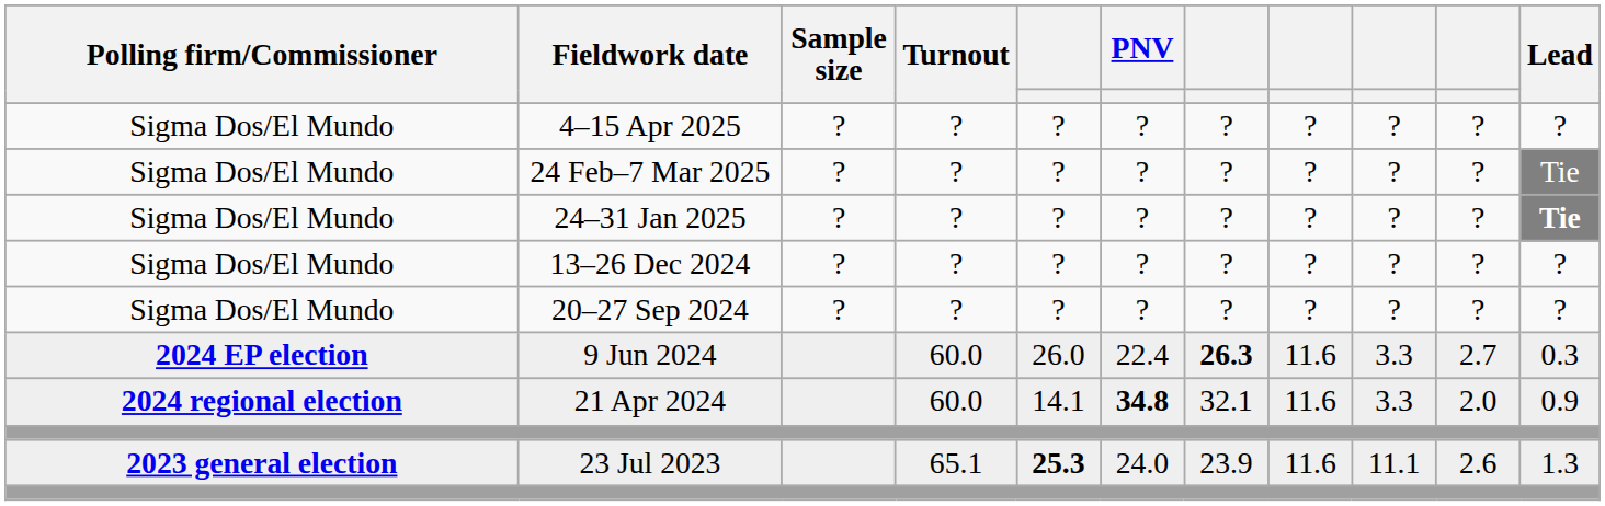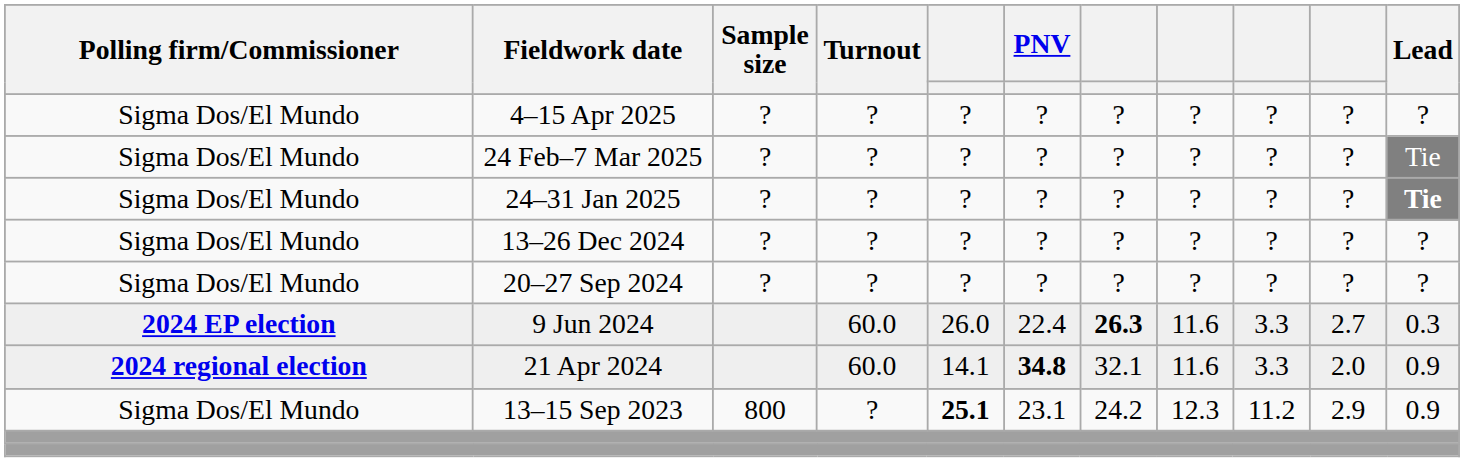 <table class="wikitable collapsible collapsed" style="text-align:center; font-size:95%; line-height:16px;">
 <tr style="height:42px;">
 <th style="width:250px;" rowspan="2">Polling firm/Commissioner</th>
 <th style="width:125px;" rowspan="2">Fieldwork date</th>
 <th style="width:50px;" rowspan="2">Sample size</th>
 <th style="width:45px;" rowspan="2">Turnout</th>
 <th style="width:35px;"></th>
 <th style="width:35px;"><a href='#'>PNV</a></th>
 <th style="width:35px;"></th>
 <th style="width:35px;"></th>
 <th style="width:35px;"></th>
 <th style="width:35px;"></th>
 <th style="width:30px;" rowspan="2">Lead</th>
 </tr>
 <tr>
 <th style="color:inherit;background:"></th>
 <th style="color:inherit;background:"></th>
 <th style="color:inherit;background:"></th>
 <th style="color:inherit;background:"></th>
 <th style="color:inherit;background:"></th>
 <th style="color:inherit;background:"></th>
 </tr>
 <tr>
 <td>Sigma Dos/El Mundo</td>
 <td>4–15 Apr 2025</td>
 <td>?</td>
 <td>?</td>
 <td>?<br></td>
 <td>?<br></td>
 <td>?<br></td>
 <td>?<br></td>
 <td>?<br></td>
 <td>?<br></td>
 <td style="background:">?</td>
 </tr>
 <tr>
 <td>Sigma Dos/El Mundo</td>
 <td>24 Feb–7 Mar 2025</td>
 <td>?</td>
 <td>?</td>
 <td>?<br></td>
 <td>?<br></td>
 <td>?<br></td>
 <td>?<br></td>
 <td>?<br></td>
 <td>?<br></td>
 <td style="background:gray;color:white;">Tie</td>
 </tr>
 <tr>
 <td>Sigma Dos/El Mundo</td>
 <td>24–31 Jan 2025</td>
 <td>?</td>
 <td>?</td>
 <td>?<br></td>
 <td>?<br></td>
 <td>?<br></td>
 <td>?<br></td>
 <td>?<br></td>
 <td>?<br></td>
 <td style="background:gray;color:white;"><strong>Tie</strong></td>
 </tr>
 <tr>
 <td>Sigma Dos/El Mundo</td>
 <td>13–26 Dec 2024</td>
 <td>?</td>
 <td>?</td>
 <td>?<br></td>
 <td>?<br></td>
 <td>?<br></td>
 <td>?<br></td>
 <td>?<br></td>
 <td>?<br></td>
 <td style="background:">?</td>
 </tr>
 <tr>
 <td>Sigma Dos/El Mundo</td>
 <td>20–27 Sep 2024</td>
 <td>?</td>
 <td>?</td>
 <td>?<br></td>
 <td>?<br></td>
 <td>?<br></td>
 <td>?<br></td>
 <td>?<br></td>
 <td>?<br></td>
 <td style="background:">?</td>
 </tr>
 <tr style="background:#EFEFEF;">
 <td><strong><a href='#'>2024 EP election</a></strong></td>
 <td>9 Jun 2024</td>
 <td></td>
 <td>60.0</td>
 <td>26.0<br></td>
 <td>22.4<br></td>
 <td><strong>26.3</strong><br></td>
 <td>11.6<br></td>
 <td>3.3<br></td>
 <td>2.7<br></td>
 <td style="background:">0.3</td>
 </tr>
 <tr style="background:#EFEFEF;">
 <td><strong><a href='#'>2024 regional election</a></strong></td>
 <td>21 Apr 2024</td>
 <td></td>
 <td>60.0</td>
 <td>14.1<br></td>
 <td><strong>34.8</strong><br></td>
 <td>32.1<br></td>
 <td>11.6<br></td>
 <td>3.3<br></td>
 <td>2.0<br></td>
 <td style="background:">0.9</td>
 </tr>
 <tr>
+<td>Sigma Dos/El Mundo</td>
+<td>13–15 Sep 2023</td>
+<td>800</td>
+<td>?</td>
+<td><strong>25.1</strong><br></td>
+<td>23.1<br></td>
+<td>24.2<br></td>
+<td>12.3<br></td>
+<td>11.2<br></td>
+<td>2.9<br></td>
+<td style="background:">0.9</td>
+</tr>
+<tr>
 <td colspan="11" style="background:#A0A0A0"></td>
-</tr>
-<tr style="background:#EFEFEF;">
-<td><strong><a href='#'>2023 general election</a></strong></td>
-<td>23 Jul 2023</td>
-<td></td>
-<td>65.1</td>
-<td><strong>25.3</strong><br></td>
-<td>24.0<br></td>
-<td>23.9<br></td>
-<td>11.6<br></td>
-<td>11.1<br></td>
-<td>2.6<br></td>
-<td style="background:">1.3</td>
 </tr>
 <tr>
 <td colspan="11" style="background:#A0A0A0"></td>
 </tr>
 </table>
